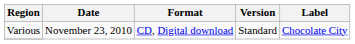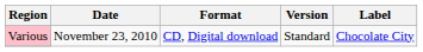 <table class="wikitable sortable">
 <tr>
 <th>Region</th>
 <th>Date</th>
 <th>Format</th>
 <th>Version</th>
 <th>Label</th>
 </tr>
 <tr>
-<td>Various</td>
+<td style="background: pink;">Various</td>
 <td rowspan="2">November 23, 2010</td>
 <td rowspan="2"><a href='#'>CD</a>, <a href='#'>Digital download</a></td>
 <td rowspan="2">Standard</td>
 <td rowspan ="2"><a href='#'>Chocolate City</a></td>
 </tr>
 <tr>
 </tr>
 </table>
